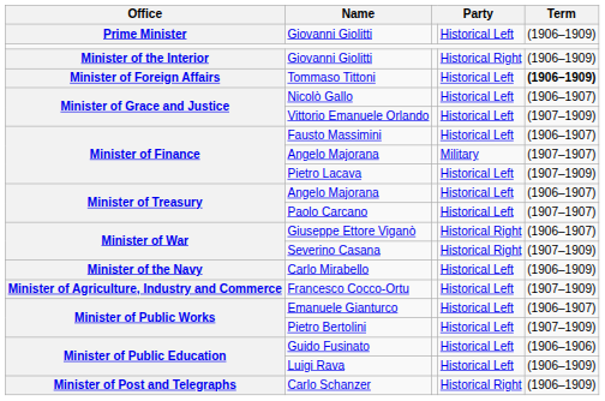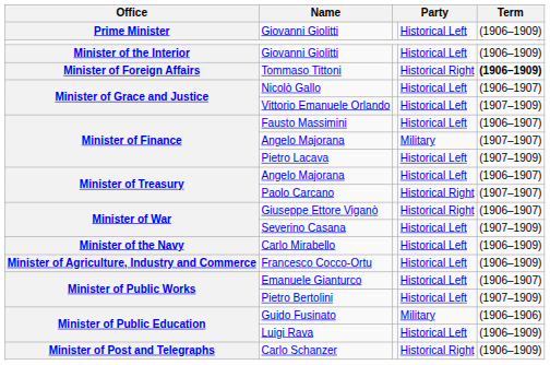 <table class="wikitable" style="font-size: 100%;">
 <tr>
 <th>Office</th>
 <th>Name</th>
 <th colspan=2>Party</th>
 <th>Term</th>
 </tr>
 <tr>
 <th><a href='#'>Prime Minister</a></th>
 <td><a href='#'>Giovanni Giolitti</a></td>
 <td style="color:inherit;background:"></td>
 <td><a href='#'>Historical Left</a></td>
 <td>(1906–1909)</td>
 </tr>
 <tr>
 <td colspan=6></td>
 </tr>
 <tr>
 <th><a href='#'>Minister of the Interior</a></th>
 <td><a href='#'>Giovanni Giolitti</a></td>
 <td style="color:inherit;background:"></td>
-<td><a href='#'>Historical Right</a></td>
+<td><a href='#'>Historical Left</a></td>
 <td>(1906–1909)</td>
 </tr>
 <tr>
 <th><a href='#'>Minister of Foreign Affairs</a></th>
 <td><a href='#'>Tommaso Tittoni</a></td>
 <td style="color:inherit;background:"></td>
-<td><a href='#'>Historical Left</a></td>
+<td><a href='#'>Historical Right</a></td>
 <td><strong>(1906–1909)</strong></td>
 </tr>
 <tr>
 <th rowspan=2><a href='#'>Minister of Grace and Justice</a></th>
 <td><a href='#'>Nicolò Gallo</a></td>
 <td style="color:inherit;background:"></td>
 <td><a href='#'>Historical Left</a></td>
 <td>(1906–1907)</td>
 </tr>
 <tr>
 <td><a href='#'>Vittorio Emanuele Orlando</a></td>
 <td style="color:inherit;background:"></td>
 <td><a href='#'>Historical Left</a></td>
 <td>(1907–1909)</td>
 </tr>
 <tr>
 <th rowspan=3><a href='#'>Minister of Finance</a></th>
 <td><a href='#'>Fausto Massimini</a></td>
 <td style="color:inherit;background:"></td>
 <td><a href='#'>Historical Left</a></td>
 <td>(1906–1907)</td>
 </tr>
 <tr>
 <td><a href='#'>Angelo Majorana</a></td>
 <td style="color:inherit;background:"></td>
 <td><a href='#'>Military</a></td>
 <td>(1907–1907)</td>
 </tr>
 <tr>
 <td><a href='#'>Pietro Lacava</a></td>
 <td style="color:inherit;background:"></td>
 <td><a href='#'>Historical Left</a></td>
 <td>(1907–1909)</td>
 </tr>
 <tr>
 <th rowspan=2><a href='#'>Minister of Treasury</a></th>
 <td><a href='#'>Angelo Majorana</a></td>
 <td style="color:inherit;background:"></td>
 <td><a href='#'>Historical Left</a></td>
 <td>(1906–1907)</td>
 </tr>
 <tr>
 <td><a href='#'>Paolo Carcano</a></td>
 <td style="color:inherit;background:"></td>
-<td><a href='#'>Historical Left</a></td>
+<td><a href='#'>Historical Right</a></td>
 <td>(1907–1907)</td>
 </tr>
 <tr>
 <th rowspan=2><a href='#'>Minister of War</a></th>
 <td><a href='#'>Giuseppe Ettore Viganò</a></td>
 <td style="color:inherit;background:"></td>
 <td><a href='#'>Historical Right</a></td>
 <td>(1906–1907)</td>
 </tr>
 <tr>
 <td><a href='#'>Severino Casana</a></td>
 <td style="color:inherit;background:"></td>
-<td><a href='#'>Historical Right</a></td>
+<td><a href='#'>Historical Left</a></td>
 <td>(1907–1909)</td>
 </tr>
 <tr>
 <th><a href='#'>Minister of the Navy</a></th>
 <td><a href='#'>Carlo Mirabello</a></td>
 <td style="color:inherit;background:"></td>
 <td><a href='#'>Historical Left</a></td>
 <td>(1906–1909)</td>
 </tr>
 <tr>
 <th><a href='#'>Minister of Agriculture, Industry and Commerce</a></th>
 <td><a href='#'>Francesco Cocco-Ortu</a></td>
 <td style="color:inherit;background:"></td>
 <td><a href='#'>Historical Left</a></td>
-<td>(1907–1909)</td>
+<td>(1906–1909)</td>
 </tr>
 <tr>
 <th rowspan=2><a href='#'>Minister of Public Works</a></th>
 <td><a href='#'>Emanuele Gianturco</a></td>
 <td style="color:inherit;background:"></td>
 <td><a href='#'>Historical Left</a></td>
 <td>(1906–1907)</td>
 </tr>
 <tr>
 <td><a href='#'>Pietro Bertolini</a></td>
 <td style="color:inherit;background:"></td>
 <td><a href='#'>Historical Left</a></td>
 <td>(1907–1909)</td>
 </tr>
 <tr>
 <th rowspan=2><a href='#'>Minister of Public Education</a></th>
 <td><a href='#'>Guido Fusinato</a></td>
 <td style="color:inherit;background:"></td>
-<td><a href='#'>Historical Left</a></td>
+<td><a href='#'>Military</a></td>
 <td>(1906–1906)</td>
 </tr>
 <tr>
 <td><a href='#'>Luigi Rava</a></td>
 <td style="color:inherit;background:"></td>
 <td><a href='#'>Historical Left</a></td>
 <td>(1906–1909)</td>
 </tr>
 <tr>
 <th><a href='#'>Minister of Post and Telegraphs</a></th>
 <td><a href='#'>Carlo Schanzer</a></td>
 <td style="color:inherit;background:"></td>
 <td><a href='#'>Historical Right</a></td>
 <td>(1906–1909)</td>
 </tr>
 </table>
